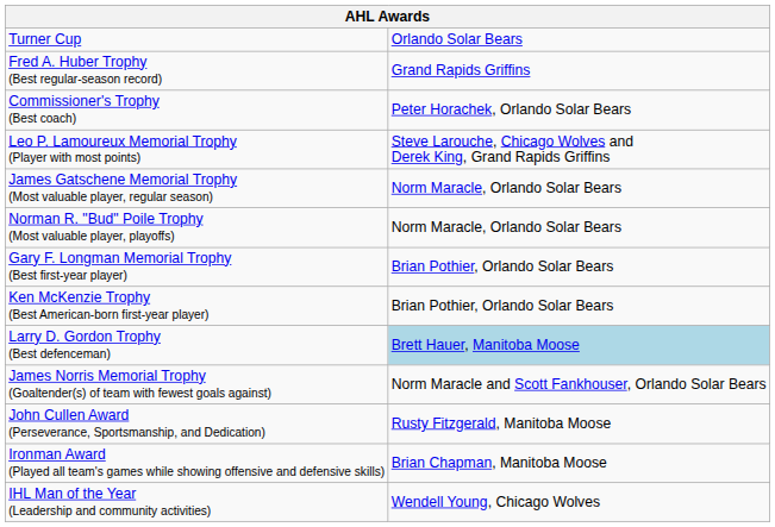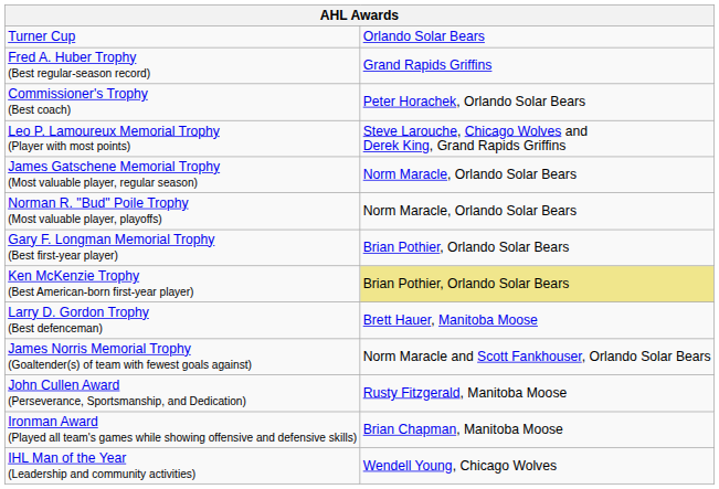 <table class="wikitable">
 <tr>
 <th bgcolor="#DDDDDD" colspan="2">AHL Awards</th>
 </tr>
 <tr>
 <td><a href='#'>Turner Cup</a></td>
 <td><a href='#'>Orlando Solar Bears</a></td>
 </tr>
 <tr>
 <td><a href='#'>Fred A. Huber Trophy</a><br><small>(Best regular-season record)</small></td>
 <td><a href='#'>Grand Rapids Griffins</a></td>
 </tr>
 <tr>
 <td><a href='#'>Commissioner's Trophy</a> <br><small>(Best coach)</small></td>
 <td><a href='#'>Peter Horachek</a>, Orlando Solar Bears</td>
 </tr>
 <tr>
 <td><a href='#'>Leo P. Lamoureux Memorial Trophy</a><br><small>(Player with most points)</small></td>
 <td><a href='#'>Steve Larouche</a>, <a href='#'>Chicago Wolves</a> and<br><a href='#'>Derek King</a>, Grand Rapids Griffins</td>
 </tr>
 <tr>
 <td><a href='#'>James Gatschene Memorial Trophy</a><br><small>(Most valuable player, regular season)</small></td>
 <td><a href='#'>Norm Maracle</a>, Orlando Solar Bears</td>
 </tr>
 <tr>
 <td><a href='#'>Norman R. "Bud" Poile Trophy</a><br><small>(Most valuable player, playoffs)</small></td>
 <td>Norm Maracle, Orlando Solar Bears</td>
 </tr>
 <tr>
 <td><a href='#'>Gary F. Longman Memorial Trophy</a><br><small>(Best first-year player)</small></td>
 <td><a href='#'>Brian Pothier</a>, Orlando Solar Bears</td>
 </tr>
 <tr>
 <td><a href='#'>Ken McKenzie Trophy</a><br><small>(Best American-born first-year player)</small></td>
-<td>Brian Pothier, Orlando Solar Bears</td>
+<td style="background: khaki;">Brian Pothier, Orlando Solar Bears</td>
 </tr>
 <tr>
 <td><a href='#'>Larry D. Gordon Trophy</a><br><small>(Best defenceman)</small></td>
-<td style="background: lightblue;"><a href='#'>Brett Hauer</a>, <a href='#'>Manitoba Moose</a></td>
+<td><a href='#'>Brett Hauer</a>, <a href='#'>Manitoba Moose</a></td>
 </tr>
 <tr>
 <td><a href='#'>James Norris Memorial Trophy</a><br><small>(Goaltender(s) of team with fewest goals against)</small></td>
 <td>Norm Maracle and <a href='#'>Scott Fankhouser</a>, Orlando Solar Bears</td>
 </tr>
 <tr>
 <td><a href='#'>John Cullen Award</a><br><small>(Perseverance, Sportsmanship, and Dedication)</small></td>
 <td><a href='#'>Rusty Fitzgerald</a>, Manitoba Moose</td>
 </tr>
 <tr>
 <td><a href='#'>Ironman Award</a><br><small>(Played all team's games while showing offensive and defensive skills)</small></td>
 <td><a href='#'>Brian Chapman</a>, Manitoba Moose</td>
 </tr>
 <tr>
 <td><a href='#'>IHL Man of the Year</a><br><small>(Leadership and community activities)</small></td>
 <td><a href='#'>Wendell Young</a>, Chicago Wolves</td>
 </tr>
 </table>
